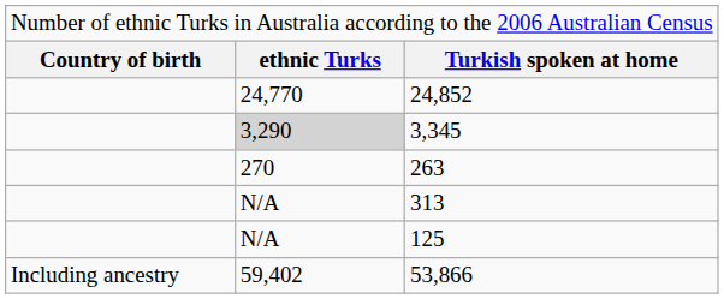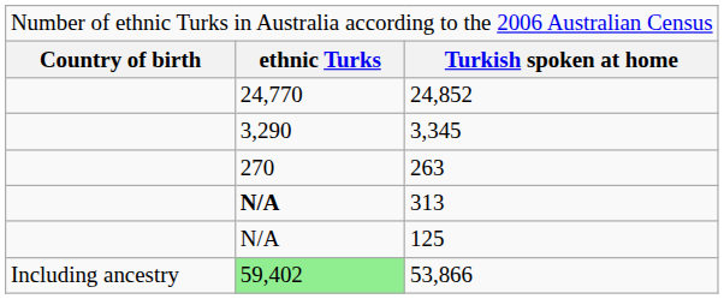 <table class="wikitable sortable">
 <tr>
 <td colspan=8 align="center">Number of ethnic Turks in Australia according to the <a href='#'>2006 Australian Census</a></td>
 </tr>
 <tr>
 <th>Country of birth</th>
 <th>ethnic <a href='#'>Turks</a></th>
 <th><a href='#'>Turkish</a> spoken at home</th>
 </tr>
 <tr>
 <td></td>
 <td>24,770</td>
 <td>24,852</td>
 </tr>
 <tr>
 <td></td>
-<td style="background: lightgrey;">3,290</td>
+<td>3,290</td>
 <td>3,345</td>
 </tr>
 <tr>
 <td></td>
 <td>270</td>
 <td>263</td>
 </tr>
 <tr>
 <td></td>
-<td>N/A</td>
+<td><strong>N/A</strong></td>
 <td>313</td>
 </tr>
 <tr>
 <td></td>
 <td>N/A</td>
 <td>125</td>
 </tr>
 <tr>
 <td>Including ancestry</td>
-<td>59,402</td>
+<td style="background: lightgreen;">59,402</td>
 <td>53,866</td>
 </tr>
 </table>
